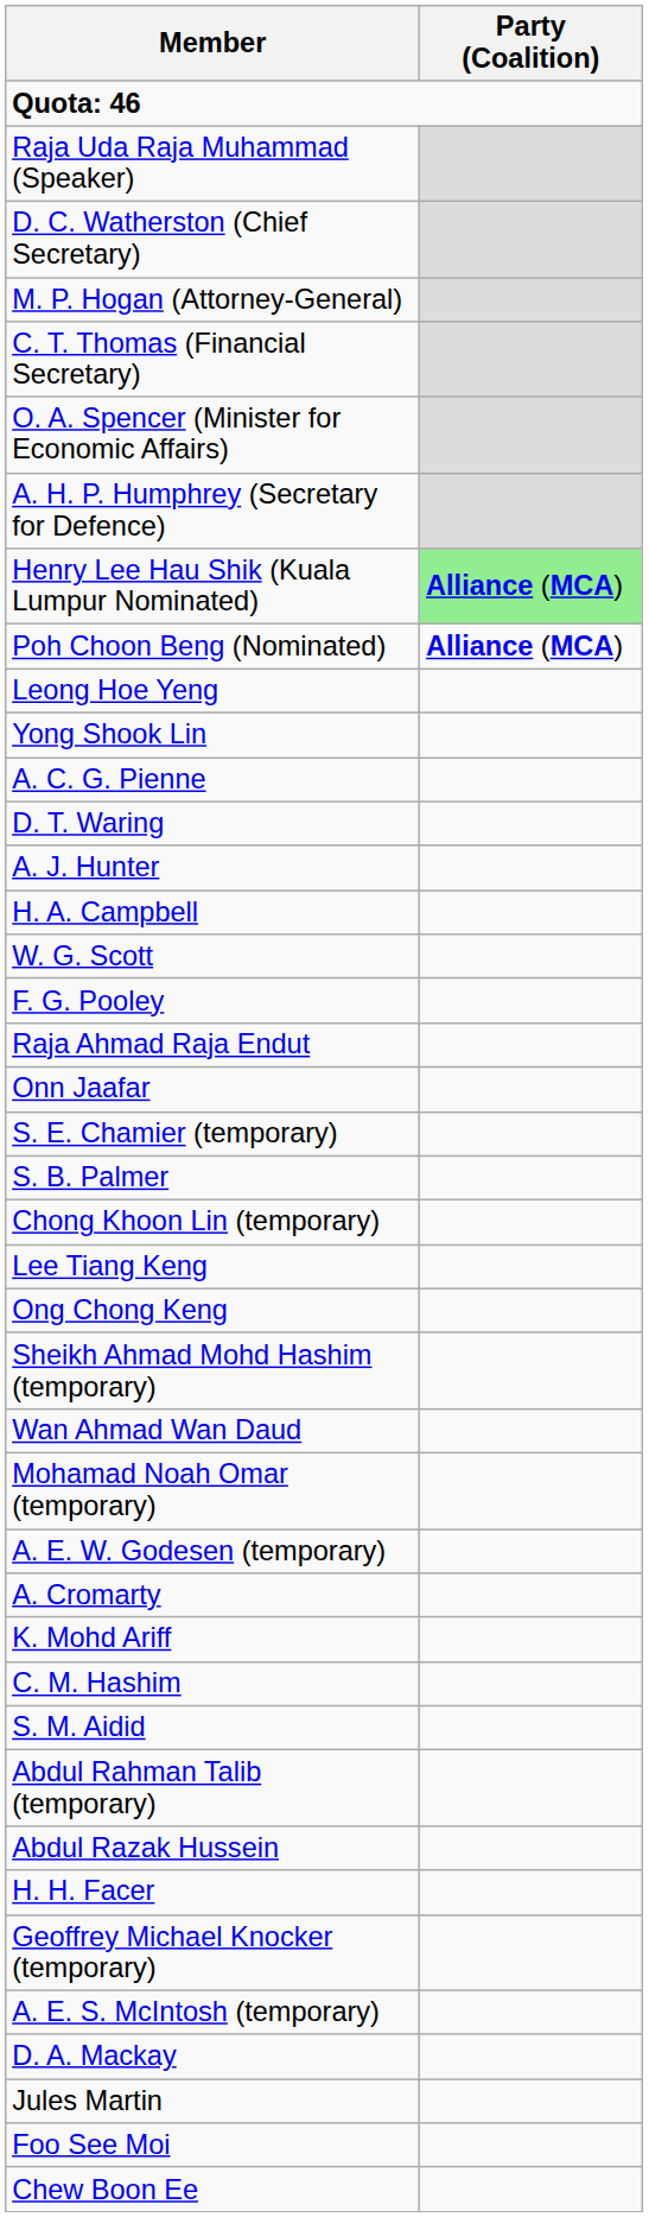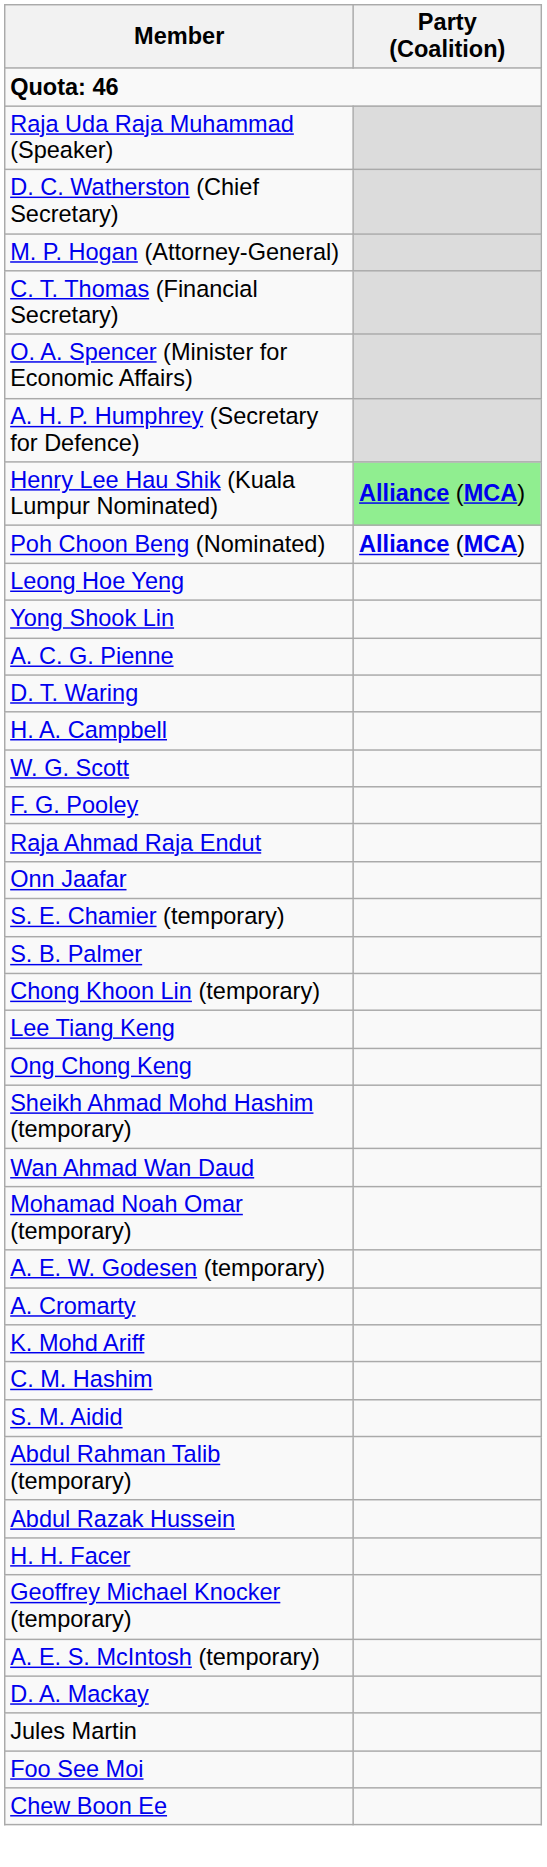 <table class="wikitable">
 <tr>
 <th style="width:230px;">Member</th>
 <th style="width:120px;">Party (Coalition)</th>
 </tr>
 <tr>
 <td colspan="2"><strong>Quota: 46</strong></td>
 </tr>
 <tr>
 <td><a href='#'>Raja Uda Raja Muhammad</a> (Speaker)</td>
 <td bgcolor=dcdcdc></td>
 </tr>
 <tr>
 <td><a href='#'>D. C. Watherston</a> (Chief Secretary)</td>
 <td bgcolor=dcdcdc></td>
 </tr>
 <tr>
 <td><a href='#'>M. P. Hogan</a> (Attorney-General)</td>
 <td bgcolor=dcdcdc></td>
 </tr>
 <tr>
 <td><a href='#'>C. T. Thomas</a> (Financial Secretary)</td>
 <td bgcolor=dcdcdc></td>
 </tr>
 <tr>
 <td><a href='#'>O. A. Spencer</a> (Minister for Economic Affairs)</td>
 <td bgcolor=dcdcdc></td>
 </tr>
 <tr>
 <td><a href='#'>A. H. P. Humphrey</a> (Secretary for Defence)</td>
 <td bgcolor=dcdcdc></td>
 </tr>
 <tr>
 <td><a href='#'>Henry Lee Hau Shik</a> (Kuala Lumpur Nominated)</td>
 <td style="background: lightgreen;"><strong><a href='#'>Alliance</a></strong> (<strong><a href='#'>MCA</a></strong>)</td>
 </tr>
 <tr>
 <td><a href='#'>Poh Choon Beng</a> (Nominated)</td>
 <td><strong><a href='#'>Alliance</a></strong> (<strong><a href='#'>MCA</a></strong>)</td>
 </tr>
 <tr>
 <td><a href='#'>Leong Hoe Yeng</a></td>
 <td></td>
 </tr>
 <tr>
 <td><a href='#'>Yong Shook Lin</a></td>
 <td></td>
 </tr>
 <tr>
 <td><a href='#'>A. C. G. Pienne</a></td>
 <td></td>
 </tr>
 <tr>
 <td><a href='#'>D. T. Waring</a></td>
-<td></td>
-</tr>
-<tr>
-<td><a href='#'>A. J. Hunter</a></td>
 <td></td>
 </tr>
 <tr>
 <td><a href='#'>H. A. Campbell</a></td>
 <td></td>
 </tr>
 <tr>
 <td><a href='#'>W. G. Scott</a></td>
 <td></td>
 </tr>
 <tr>
 <td><a href='#'>F. G. Pooley</a></td>
 <td></td>
 </tr>
 <tr>
 <td><a href='#'>Raja Ahmad Raja Endut</a></td>
 <td></td>
 </tr>
 <tr>
 <td><a href='#'>Onn Jaafar</a></td>
 <td></td>
 </tr>
 <tr>
 <td><a href='#'>S. E. Chamier</a> (temporary)</td>
 <td></td>
 </tr>
 <tr>
 <td><a href='#'>S. B. Palmer</a></td>
 <td></td>
 </tr>
 <tr>
 <td><a href='#'>Chong Khoon Lin</a> (temporary)</td>
 <td></td>
 </tr>
 <tr>
 <td><a href='#'>Lee Tiang Keng</a></td>
 <td></td>
 </tr>
 <tr>
 <td><a href='#'>Ong Chong Keng</a></td>
 <td></td>
 </tr>
 <tr>
 <td><a href='#'>Sheikh Ahmad Mohd Hashim</a> (temporary)</td>
 <td></td>
 </tr>
 <tr>
 <td><a href='#'>Wan Ahmad Wan Daud</a></td>
 <td></td>
 </tr>
 <tr>
 <td><a href='#'>Mohamad Noah Omar</a> (temporary)</td>
 <td></td>
 </tr>
 <tr>
 <td><a href='#'>A. E. W. Godesen</a> (temporary)</td>
 <td></td>
 </tr>
 <tr>
 <td><a href='#'>A. Cromarty</a></td>
 <td></td>
 </tr>
 <tr>
 <td><a href='#'>K. Mohd Ariff</a></td>
 <td></td>
 </tr>
 <tr>
 <td><a href='#'>C. M. Hashim</a></td>
 <td></td>
 </tr>
 <tr>
 <td><a href='#'>S. M. Aidid</a></td>
 <td></td>
 </tr>
 <tr>
 <td><a href='#'>Abdul Rahman Talib</a> (temporary)</td>
 <td></td>
 </tr>
 <tr>
 <td><a href='#'>Abdul Razak Hussein</a></td>
 <td></td>
 </tr>
 <tr>
 <td><a href='#'>H. H. Facer</a></td>
 <td></td>
 </tr>
 <tr>
 <td><a href='#'>Geoffrey Michael Knocker</a> (temporary)</td>
 <td></td>
 </tr>
 <tr>
 <td><a href='#'>A. E. S. McIntosh</a> (temporary)</td>
 <td></td>
 </tr>
 <tr>
 <td><a href='#'>D. A. Mackay</a></td>
 <td></td>
 </tr>
 <tr>
 <td>Jules Martin</td>
 <td></td>
 </tr>
 <tr>
 <td><a href='#'>Foo See Moi</a></td>
 <td></td>
 </tr>
 <tr>
 <td><a href='#'>Chew Boon Ee</a></td>
 <td></td>
 </tr>
 </table>
